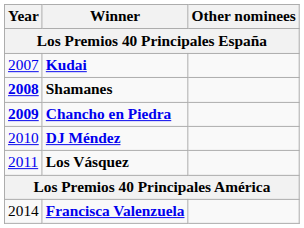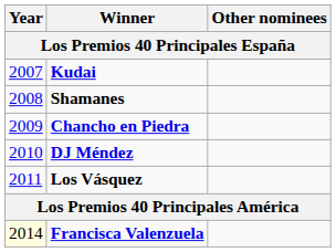 <table class="wikitable">
 <tr>
 <th>Year</th>
 <th>Winner</th>
 <th>Other nominees</th>
 </tr>
 <tr>
 <th colspan=3>Los Premios 40 Principales España</th>
 </tr>
 <tr>
 <td><a href='#'>2007</a></td>
 <td><strong><a href='#'>Kudai</a></strong></td>
 <td></td>
 </tr>
 <tr>
-<td><strong><a href='#'>2008</a></strong></td>
+<td><a href='#'>2008</a></td>
 <td><strong>Shamanes</strong></td>
 <td></td>
 </tr>
 <tr>
-<td><strong><a href='#'>2009</a></strong></td>
+<td><a href='#'>2009</a></td>
 <td><strong><a href='#'>Chancho en Piedra</a></strong></td>
 <td></td>
 </tr>
 <tr>
 <td><a href='#'>2010</a></td>
 <td><strong><a href='#'>DJ Méndez</a></strong></td>
 <td></td>
 </tr>
 <tr>
 <td><a href='#'>2011</a></td>
 <td><strong>Los Vásquez</strong></td>
 <td></td>
 </tr>
 <tr>
 <th colspan=3>Los Premios 40 Principales América</th>
 </tr>
 <tr>
-<td>2014</td>
+<td style="background: lightyellow;">2014</td>
 <td><strong><a href='#'>Francisca Valenzuela</a></strong></td>
 <td></td>
 </tr>
 </table>
